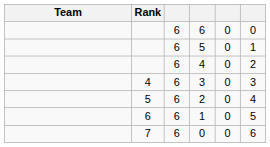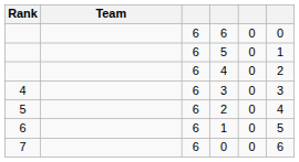 <table class="wikitable" style="text-align: center;">
 <tr>
+<th width=40>Rank</th>
 <th width=180>Team</th>
-<th width=40>Rank</th>
 <th width=30></th>
 <th width=30></th>
 <th width=30></th>
 <th width=30></th>
 </tr>
 <tr>
+<td></td>
 <td align=left></td>
-<td></td>
 <td>6</td>
 <td>6</td>
 <td>0</td>
 <td>0</td>
 </tr>
 <tr>
+<td></td>
 <td align=left></td>
-<td></td>
 <td>6</td>
 <td>5</td>
 <td>0</td>
 <td>1</td>
 </tr>
 <tr>
+<td></td>
 <td align=left></td>
-<td></td>
 <td>6</td>
 <td>4</td>
 <td>0</td>
 <td>2</td>
 </tr>
 <tr>
+<td>4</td>
 <td align=left></td>
-<td>4</td>
 <td>6</td>
 <td>3</td>
 <td>0</td>
 <td>3</td>
 </tr>
 <tr>
+<td>5</td>
 <td align=left></td>
-<td>5</td>
 <td>6</td>
 <td>2</td>
 <td>0</td>
 <td>4</td>
 </tr>
 <tr>
+<td>6</td>
 <td align=left></td>
-<td>6</td>
 <td>6</td>
 <td>1</td>
 <td>0</td>
 <td>5</td>
 </tr>
 <tr>
+<td>7</td>
 <td align=left></td>
-<td>7</td>
 <td>6</td>
 <td>0</td>
 <td>0</td>
 <td>6</td>
 </tr>
 </table>
